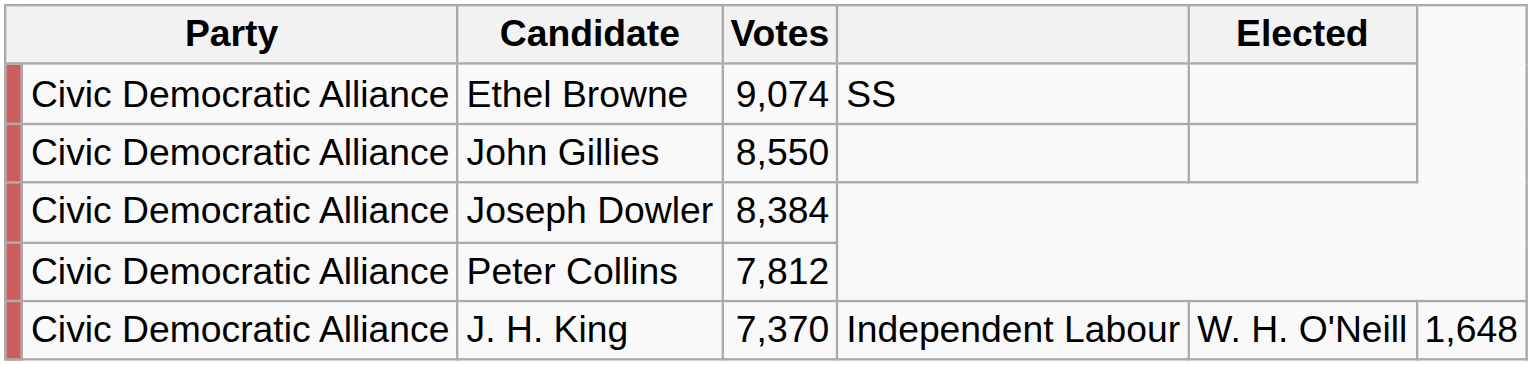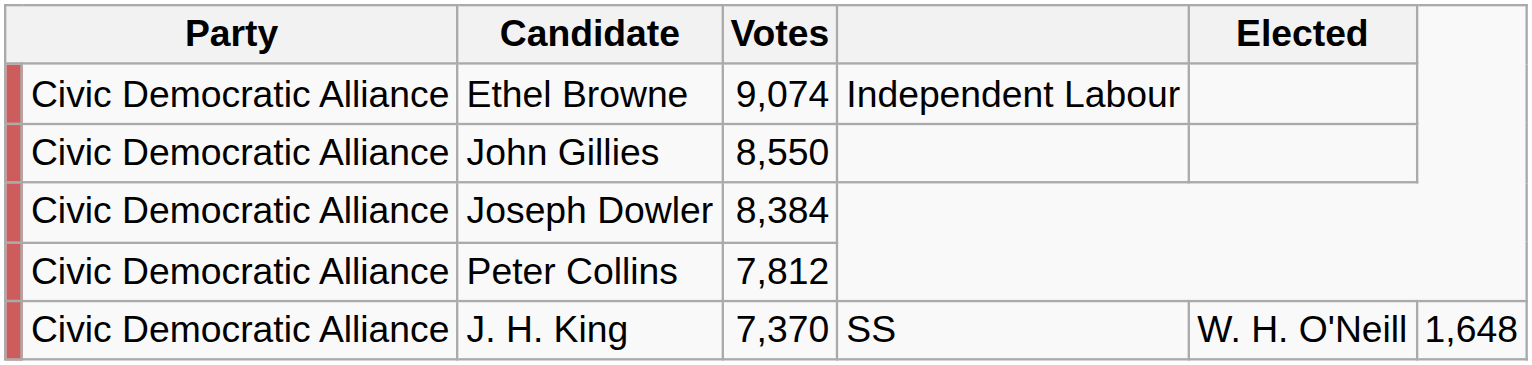 <table class="wikitable">
 <tr>
 <th colspan="2">Party</th>
 <th>Candidate</th>
 <th>Votes</th>
 <th></th>
 <th>Elected<br></th>
 </tr>
 <tr>
 <td bgcolor="indianred"></td>
 <td>Civic Democratic Alliance</td>
 <td>Ethel Browne</td>
 <td align="right">9,074</td>
-<td>SS</td>
+<td>Independent Labour</td>
 <td align="center"><br></td>
 </tr>
 <tr>
 <td bgcolor="indianred"></td>
 <td>Civic Democratic Alliance</td>
 <td>John Gillies</td>
 <td align="right">8,550</td>
 <td></td>
 <td align="center"><br></td>
 </tr>
 <tr>
 <td bgcolor="indianred"></td>
 <td>Civic Democratic Alliance</td>
 <td>Joseph Dowler</td>
 <td align="right">8,384<br> </td>
 </tr>
 <tr>
 <td bgcolor="indianred"></td>
 <td>Civic Democratic Alliance</td>
 <td>Peter Collins</td>
 <td align="right">7,812</td>
 </tr>
 <tr>
 <td bgcolor="indianred"></td>
 <td>Civic Democratic Alliance</td>
 <td>J. H. King</td>
 <td align="right">7,370<br>  </td>
-<td>Independent Labour</td>
+<td>SS</td>
 <td>W. H. O'Neill</td>
 <td align="right">1,648<br></td>
 </tr>
 </table>
